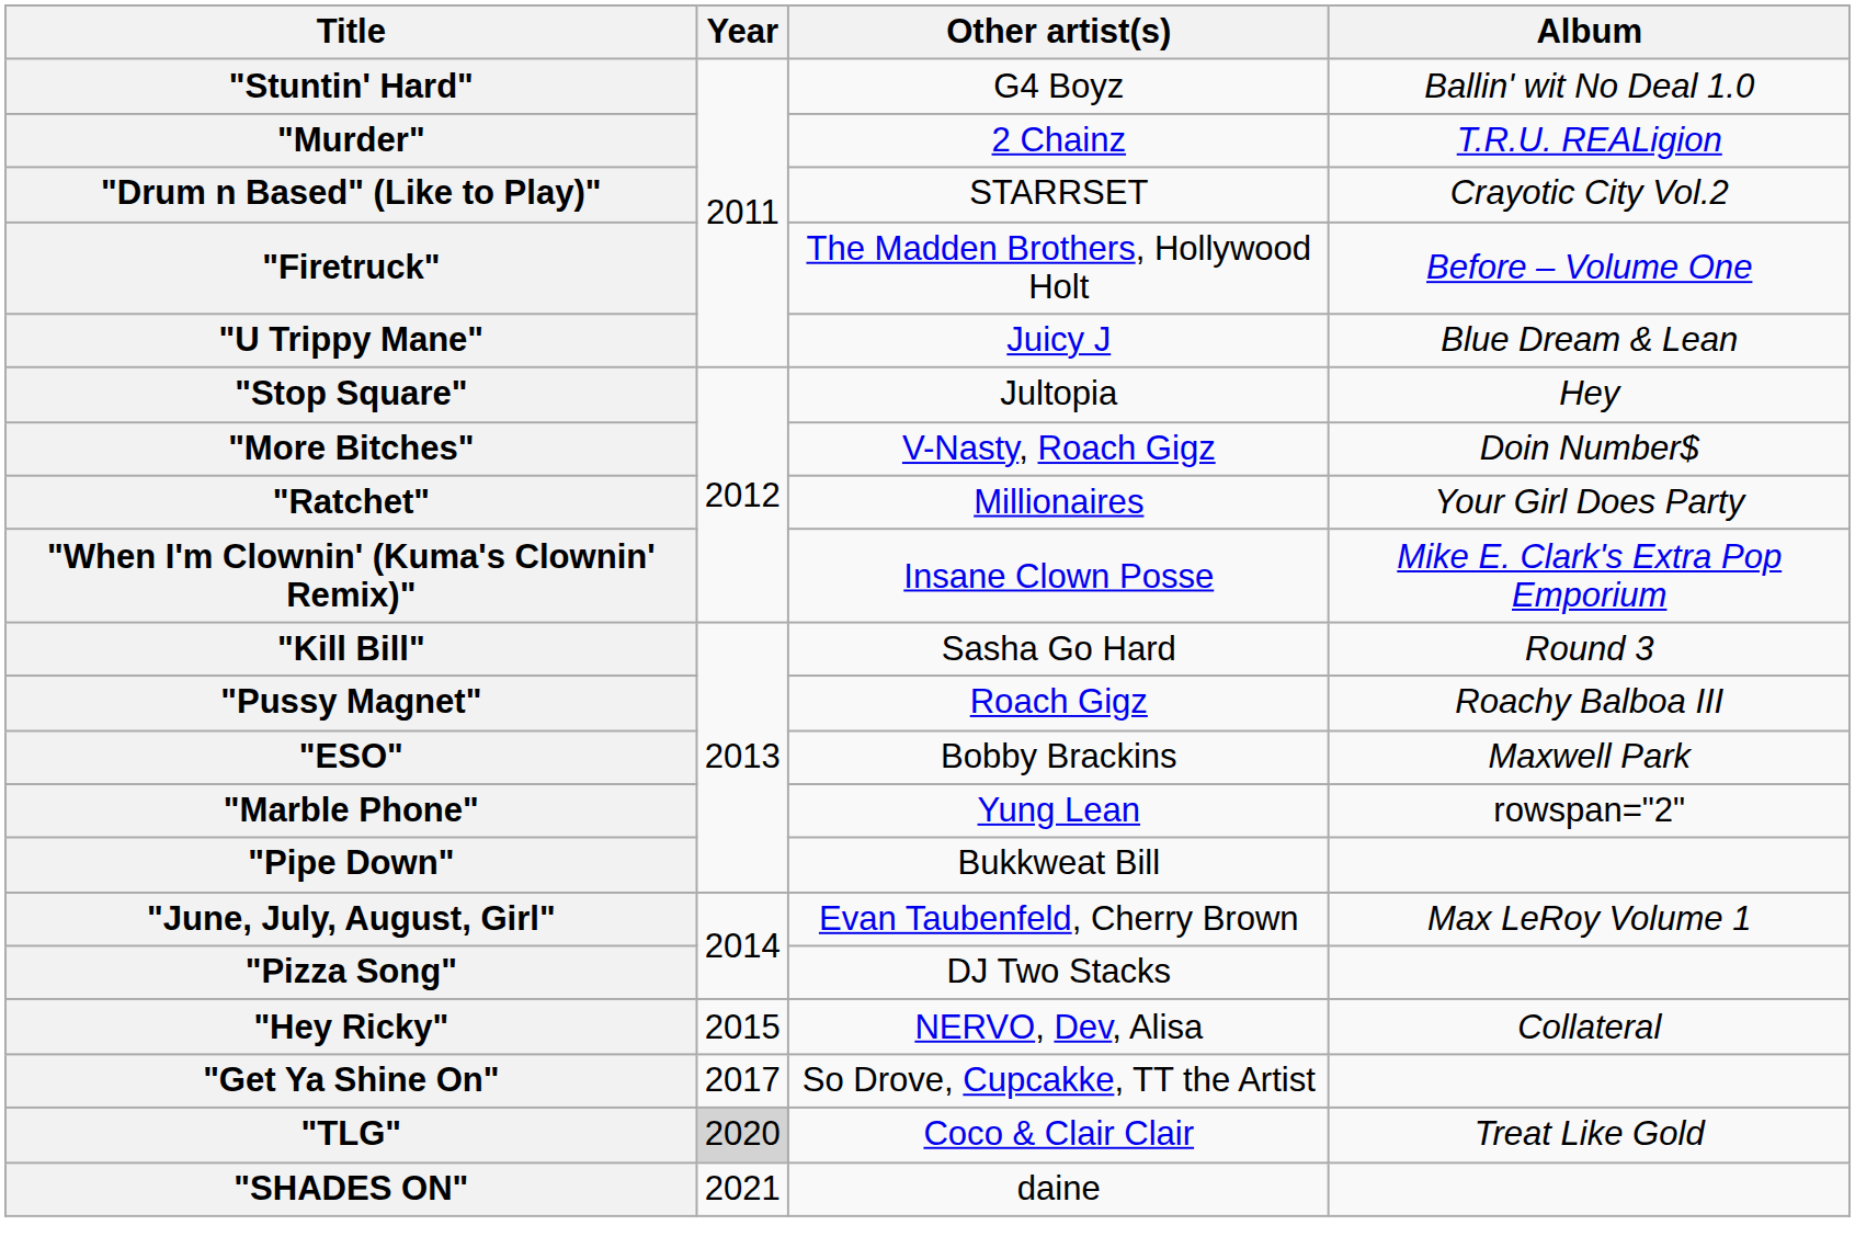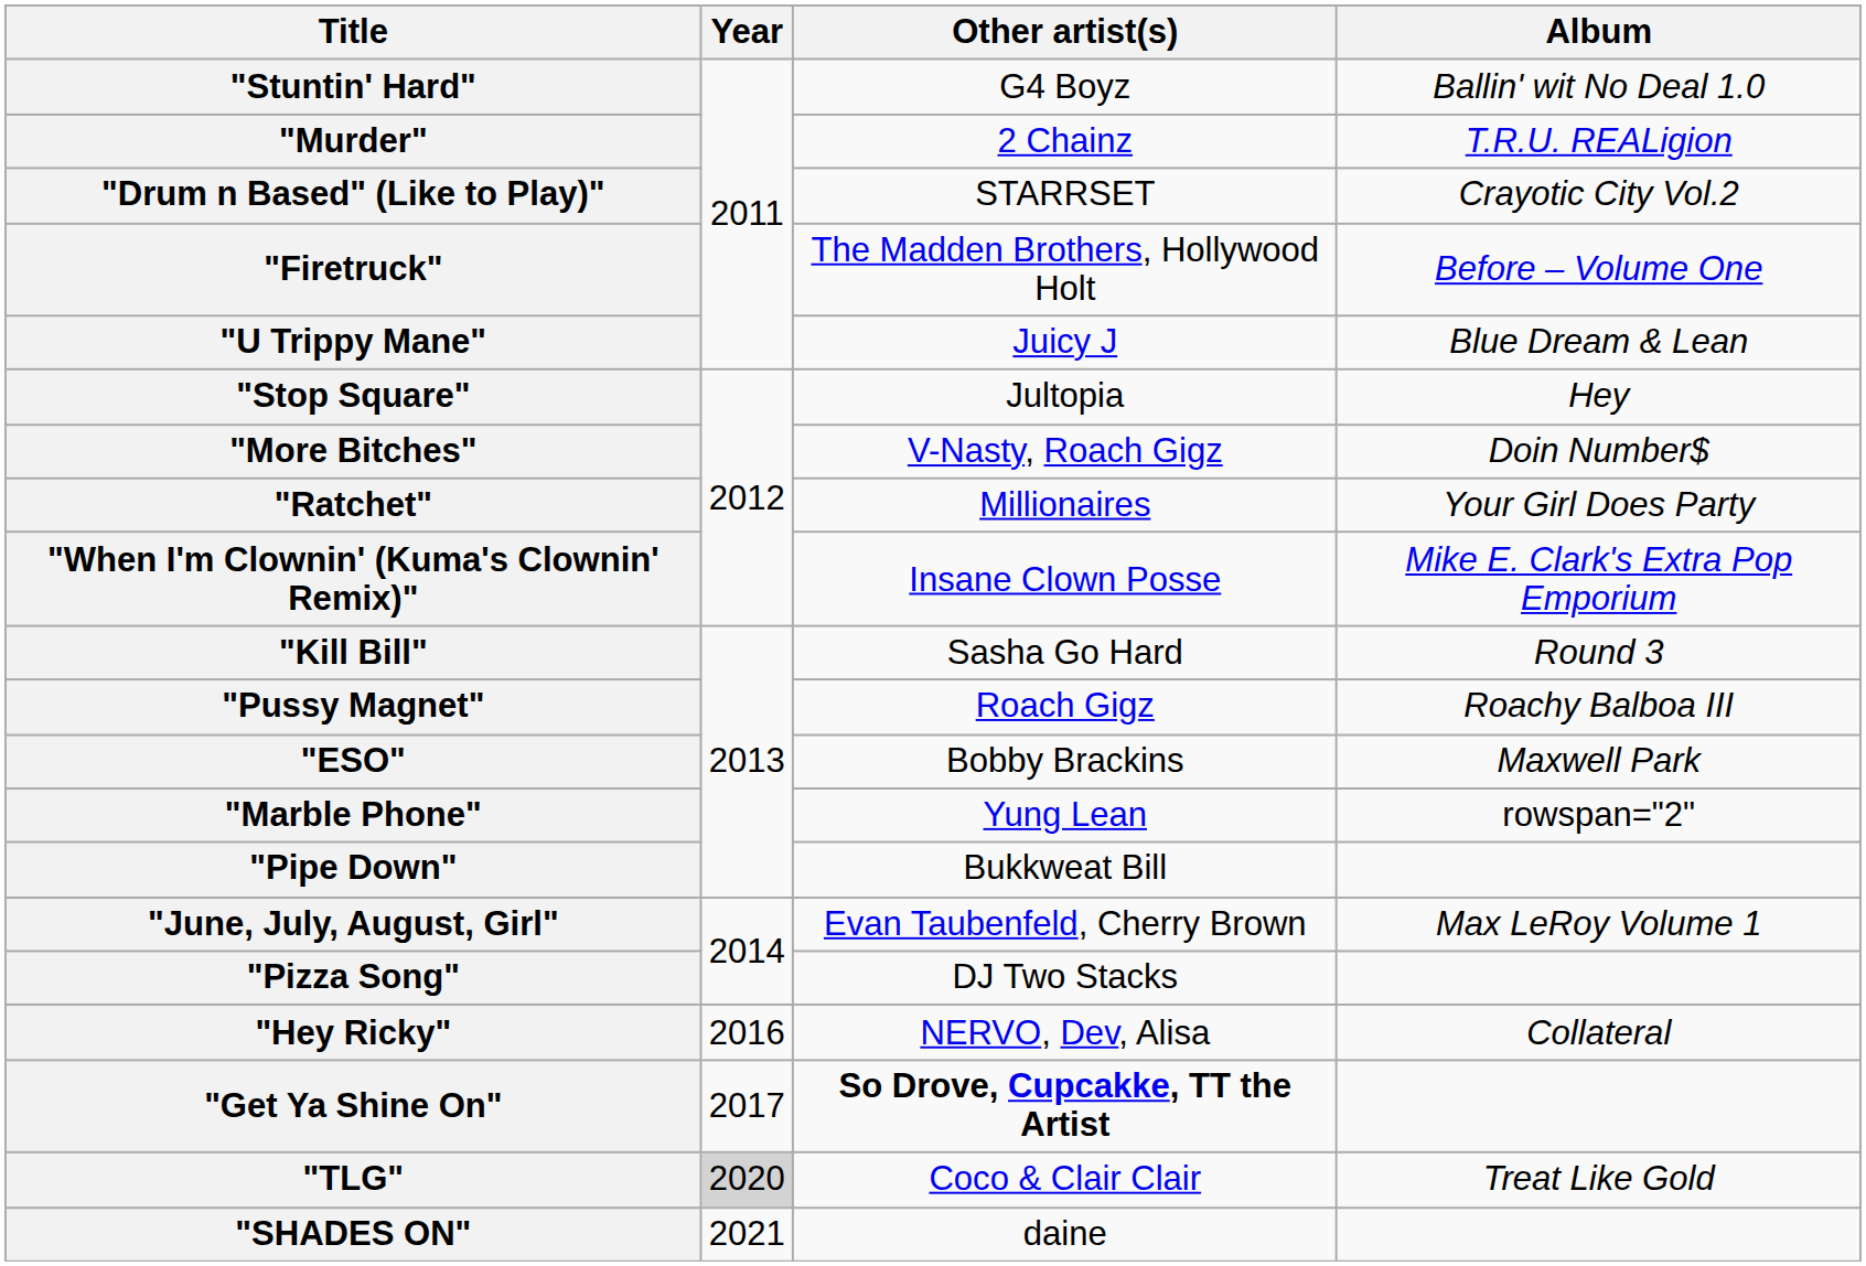 <table class="wikitable plainrowheaders" style="text-align:center;">
 <tr>
 <th scope="col">Title</th>
 <th scope="col">Year</th>
 <th scope="col">Other artist(s)</th>
 <th scope="col">Album</th>
 </tr>
 <tr>
 <th scope="row">"Stuntin' Hard"</th>
 <td rowspan="5">2011</td>
 <td>G4 Boyz</td>
 <td><em>Ballin' wit No Deal 1.0</em></td>
 </tr>
 <tr>
 <th scope="row">"Murder"</th>
 <td><a href='#'>2 Chainz</a></td>
 <td><em><a href='#'>T.R.U. REALigion</a></em></td>
 </tr>
 <tr>
 <th scope="row">"Drum n Based" (Like to Play)"</th>
 <td>STARRSET</td>
 <td><em>Crayotic City Vol.2</em></td>
 </tr>
 <tr>
 <th scope="row">"Firetruck"</th>
 <td><a href='#'>The Madden Brothers</a>, Hollywood Holt</td>
 <td><em><a href='#'>Before – Volume One</a></em></td>
 </tr>
 <tr>
 <th scope="row">"U Trippy Mane"</th>
 <td><a href='#'>Juicy J</a></td>
 <td><em>Blue Dream & Lean</em></td>
 </tr>
 <tr>
 <th scope="row">"Stop Square"</th>
 <td rowspan="4">2012</td>
 <td>Jultopia</td>
 <td><em>Hey</em></td>
 </tr>
 <tr>
 <th scope="row">"More Bitches"</th>
 <td><a href='#'>V-Nasty</a>, <a href='#'>Roach Gigz</a></td>
 <td><em>Doin Number$</em></td>
 </tr>
 <tr>
 <th scope="row">"Ratchet"</th>
 <td><a href='#'>Millionaires</a></td>
 <td><em>Your Girl Does Party</em></td>
 </tr>
 <tr>
 <th scope="row">"When I'm Clownin' (Kuma's Clownin' Remix)"</th>
 <td><a href='#'>Insane Clown Posse</a></td>
 <td><em><a href='#'>Mike E. Clark's Extra Pop Emporium</a></em></td>
 </tr>
 <tr>
 <th scope="row">"Kill Bill"</th>
 <td rowspan="5">2013</td>
 <td>Sasha Go Hard</td>
 <td><em>Round 3</em></td>
 </tr>
 <tr>
 <th scope="row">"Pussy Magnet"</th>
 <td><a href='#'>Roach Gigz</a></td>
 <td><em>Roachy Balboa III</em></td>
 </tr>
 <tr>
 <th scope="row">"ESO"</th>
 <td>Bobby Brackins</td>
 <td><em>Maxwell Park</em></td>
 </tr>
 <tr>
 <th scope="row">"Marble Phone"</th>
 <td><a href='#'>Yung Lean</a></td>
 <td>rowspan="2" </td>
 </tr>
 <tr>
 <th scope="row">"Pipe Down"</th>
 <td>Bukkweat Bill</td>
 </tr>
 <tr>
 <th scope="row">"June, July, August, Girl"</th>
 <td rowspan="2">2014</td>
 <td><a href='#'>Evan Taubenfeld</a>, Cherry Brown</td>
 <td><em>Max LeRoy Volume 1</em></td>
 </tr>
 <tr>
 <th scope="row">"Pizza Song"</th>
 <td>DJ Two Stacks</td>
 <td></td>
 </tr>
 <tr>
 <th scope="row">"Hey Ricky"</th>
-<td>2015</td>
+<td>2016</td>
 <td><a href='#'>NERVO</a>, <a href='#'>Dev</a>, Alisa</td>
 <td><em>Collateral</em></td>
 </tr>
 <tr>
 <th scope="row">"Get Ya Shine On"</th>
 <td>2017</td>
-<td>So Drove, <a href='#'>Cupcakke</a>, TT the Artist</td>
+<td><strong>So Drove, <a href='#'>Cupcakke</a>, TT the Artist</strong></td>
 <td></td>
 </tr>
 <tr>
 <th scope="row">"TLG"</th>
 <td style="background: lightgrey;">2020</td>
 <td><a href='#'>Coco & Clair Clair</a></td>
 <td><em>Treat Like Gold</em></td>
 </tr>
 <tr>
 <th scope="row">"SHADES ON"</th>
 <td>2021</td>
 <td>daine</td>
 <td></td>
 </tr>
 </table>
